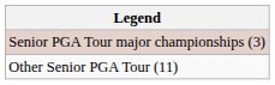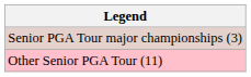 <table class="wikitable" style="font-size:95%;">
 <tr>
 <th>Legend</th>
 </tr>
 <tr style="background:#e5d1cb;">
 <td>Senior PGA Tour major championships (3)</td>
 </tr>
 <tr>
-<td>Other Senior PGA Tour (11)</td>
+<td style="background: pink;">Other Senior PGA Tour (11)</td>
 </tr>
 </table>
